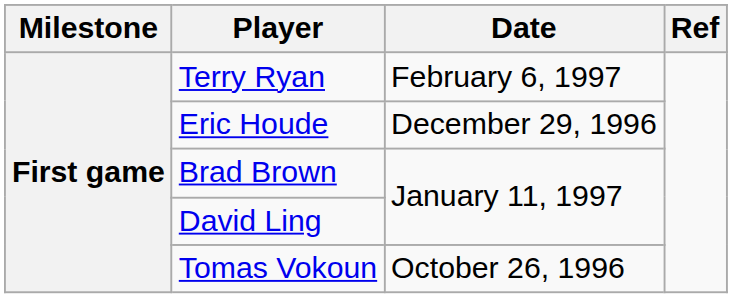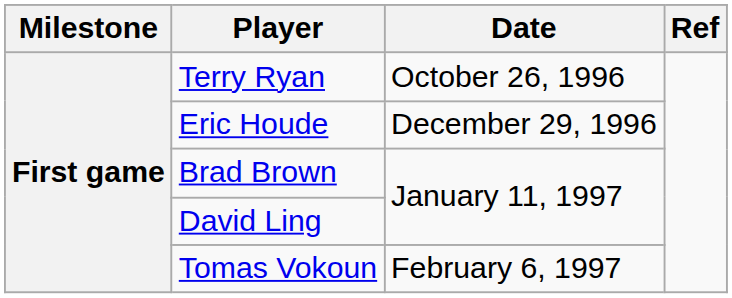 <table class="wikitable">
 <tr>
 <th scope="col">Milestone</th>
 <th scope="col">Player</th>
 <th scope="col">Date</th>
 <th scope="col">Ref</th>
 </tr>
 <tr>
 <th rowspan=5>First game</th>
 <td><a href='#'>Terry Ryan</a></td>
-<td>February 6, 1997</td>
+<td>October 26, 1996</td>
 <td rowspan=5></td>
 </tr>
 <tr>
 <td><a href='#'>Eric Houde</a></td>
 <td>December 29, 1996</td>
 </tr>
 <tr>
 <td><a href='#'>Brad Brown</a></td>
 <td rowspan=2>January 11, 1997</td>
 </tr>
 <tr>
 <td><a href='#'>David Ling</a></td>
 </tr>
 <tr>
 <td><a href='#'>Tomas Vokoun</a></td>
-<td>October 26, 1996</td>
+<td>February 6, 1997</td>
 </tr>
 </table>
